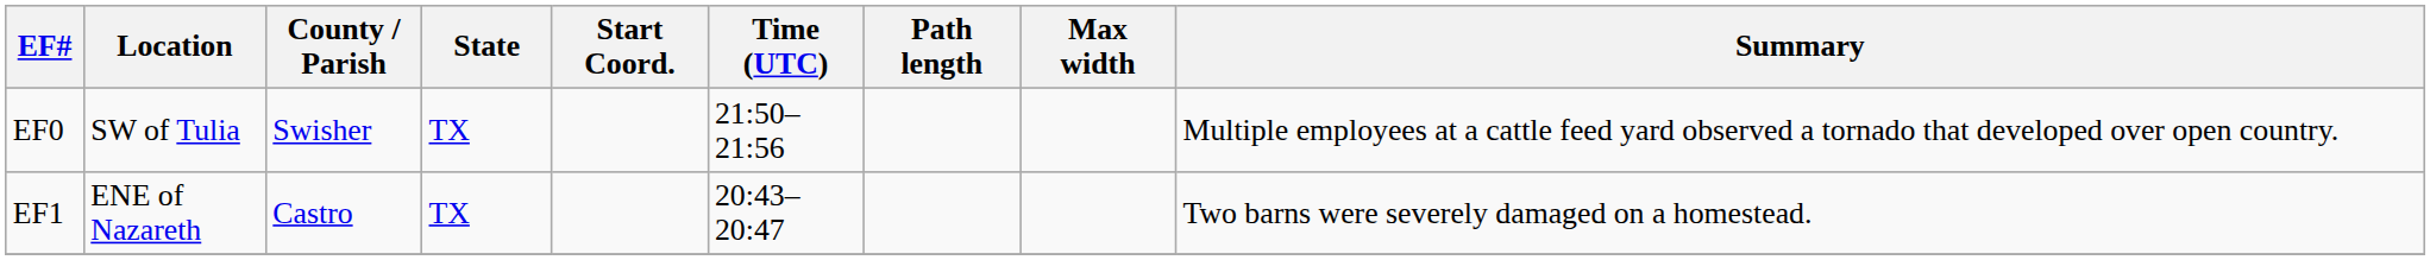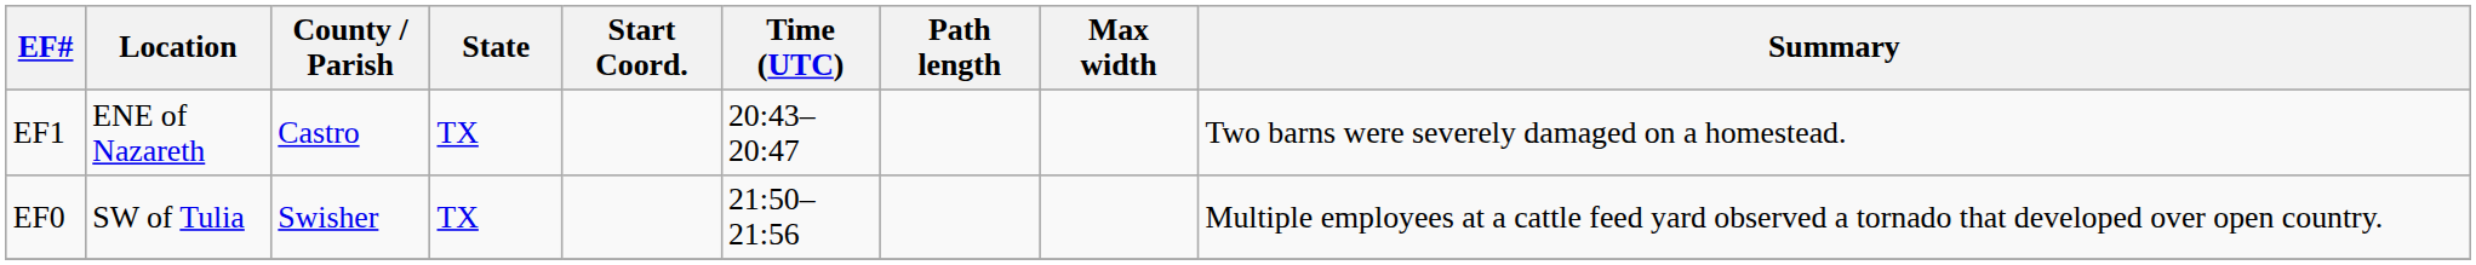 <table class="wikitable sortable" style="width:100%;">
 <tr>
 <th scope="col"  style="width:3%; text-align:center;"><a href='#'>EF#</a></th>
 <th scope="col"  style="width:7%; text-align:center;" class="unsortable">Location</th>
 <th scope="col"  style="width:6%; text-align:center;" class="unsortable">County / Parish</th>
 <th scope="col"  style="width:5%; text-align:center;">State</th>
 <th scope="col"  style="width:6%; text-align:center;">Start Coord.</th>
 <th scope="col"  style="width:6%; text-align:center;">Time (<a href='#'>UTC</a>)</th>
 <th scope="col"  style="width:6%; text-align:center;">Path length</th>
 <th scope="col"  style="width:6%; text-align:center;">Max width</th>
 <th scope="col" class="unsortable" style="width:48%; text-align:center;">Summary</th>
 </tr>
 <tr>
+<td>EF1</td>
+<td>ENE of <a href='#'>Nazareth</a></td>
+<td><a href='#'>Castro</a></td>
+<td><a href='#'>TX</a></td>
+<td></td>
+<td>20:43–20:47</td>
+<td></td>
+<td></td>
+<td>Two barns were severely damaged on a homestead.</td>
+</tr>
+<tr>
 <td>EF0</td>
 <td>SW of <a href='#'>Tulia</a></td>
 <td><a href='#'>Swisher</a></td>
 <td><a href='#'>TX</a></td>
 <td></td>
 <td>21:50–21:56</td>
 <td></td>
 <td></td>
 <td>Multiple employees at a cattle feed yard observed a tornado that developed over open country.</td>
 </tr>
 <tr>
-<td>EF1</td>
-<td>ENE of <a href='#'>Nazareth</a></td>
-<td><a href='#'>Castro</a></td>
-<td><a href='#'>TX</a></td>
-<td></td>
-<td>20:43–20:47</td>
-<td></td>
-<td></td>
-<td>Two barns were severely damaged on a homestead.</td>
-</tr>
-<tr>
 </tr>
 </table>
